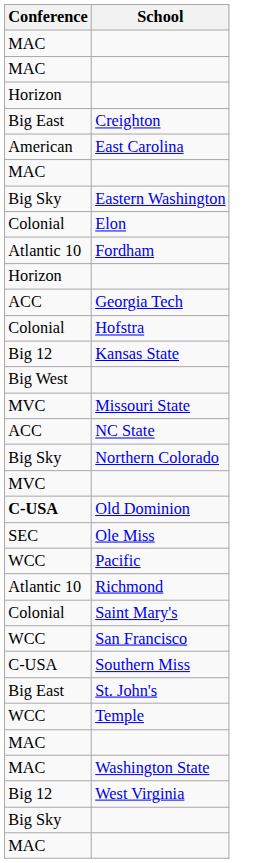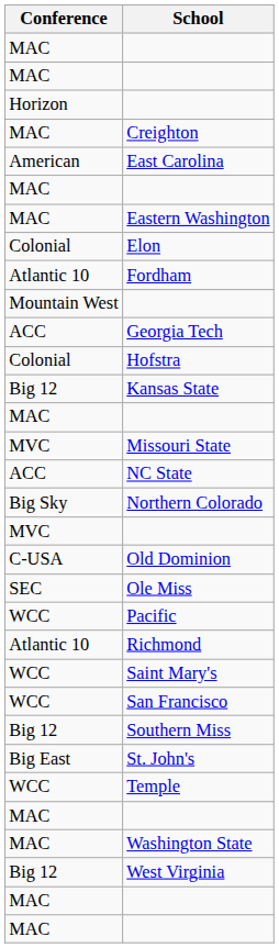 <table class="wikitable sortable">
 <tr>
 <th>Conference</th>
 <th>School</th>
 </tr>
 <tr>
 <td>MAC</td>
 <td></td>
 </tr>
 <tr>
 <td>MAC</td>
 <td></td>
 </tr>
 <tr>
 <td>Horizon</td>
 <td></td>
 </tr>
 <tr>
-<td>Big East</td>
+<td>MAC</td>
 <td><a href='#'>Creighton</a></td>
 </tr>
 <tr>
 <td>American</td>
 <td><a href='#'>East Carolina</a></td>
 </tr>
 <tr>
 <td>MAC</td>
 <td></td>
 </tr>
 <tr>
-<td>Big Sky</td>
+<td>MAC</td>
 <td><a href='#'>Eastern Washington</a></td>
 </tr>
 <tr>
 <td>Colonial</td>
 <td><a href='#'>Elon</a></td>
 </tr>
 <tr>
 <td>Atlantic 10</td>
 <td><a href='#'>Fordham</a></td>
 </tr>
 <tr>
-<td>Horizon</td>
+<td>Mountain West</td>
 <td></td>
 </tr>
 <tr>
 <td>ACC</td>
 <td><a href='#'>Georgia Tech</a></td>
 </tr>
 <tr>
 <td>Colonial</td>
 <td><a href='#'>Hofstra</a></td>
 </tr>
 <tr>
 <td>Big 12</td>
 <td><a href='#'>Kansas State</a></td>
 </tr>
 <tr>
-<td>Big West</td>
+<td>MAC</td>
 <td></td>
 </tr>
 <tr>
 <td>MVC</td>
 <td><a href='#'>Missouri State</a></td>
 </tr>
 <tr>
 <td>ACC</td>
 <td><a href='#'>NC State</a></td>
 </tr>
 <tr>
 <td>Big Sky</td>
 <td><a href='#'>Northern Colorado</a></td>
 </tr>
 <tr>
 <td>MVC</td>
 <td></td>
 </tr>
 <tr>
-<td><strong>C-USA</strong></td>
+<td>C-USA</td>
 <td><a href='#'>Old Dominion</a></td>
 </tr>
 <tr>
 <td>SEC</td>
 <td><a href='#'>Ole Miss</a></td>
 </tr>
 <tr>
 <td>WCC</td>
 <td><a href='#'>Pacific</a></td>
 </tr>
 <tr>
 <td>Atlantic 10</td>
 <td><a href='#'>Richmond</a></td>
 </tr>
 <tr>
-<td>Colonial</td>
+<td>WCC</td>
 <td><a href='#'>Saint Mary's</a></td>
 </tr>
 <tr>
 <td>WCC</td>
 <td><a href='#'>San Francisco</a></td>
 </tr>
 <tr>
-<td>C-USA</td>
+<td>Big 12</td>
 <td><a href='#'>Southern Miss</a></td>
 </tr>
 <tr>
 <td>Big East</td>
 <td><a href='#'>St. John's</a></td>
 </tr>
 <tr>
 <td>WCC</td>
 <td><a href='#'>Temple</a></td>
 </tr>
 <tr>
 <td>MAC</td>
 <td></td>
 </tr>
 <tr>
 <td>MAC</td>
 <td><a href='#'>Washington State</a></td>
 </tr>
 <tr>
 <td>Big 12</td>
 <td><a href='#'>West Virginia</a></td>
 </tr>
 <tr>
-<td>Big Sky</td>
+<td>MAC</td>
 <td></td>
 </tr>
 <tr>
 <td>MAC</td>
 <td></td>
 </tr>
 </table>
